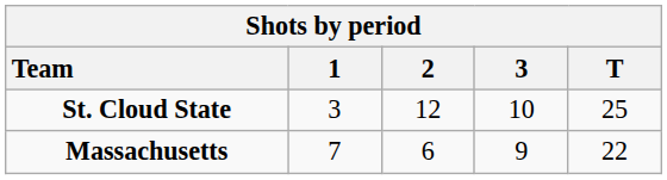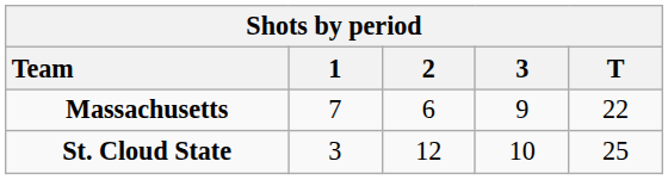 <table class="wikitable" style="width:25em; text-align:right;">
 <tr>
 <th colspan=5>Shots by period</th>
 </tr>
 <tr>
 <th style="width:10em; text-align:left;">Team</th>
 <th style="width:3em;">1</th>
 <th style="width:3em;">2</th>
 <th style="width:3em;">3</th>
 <th style="width:3em;">T</th>
 </tr>
 <tr>
+<td align=center><strong>Massachusetts</strong></td>
+<td align=center>7</td>
+<td align=center>6</td>
+<td align=center>9</td>
+<td align=center>22</td>
+</tr>
+<tr>
 <td align=center><strong>St. Cloud State</strong></td>
 <td align=center>3</td>
 <td align=center>12</td>
 <td align=center>10</td>
 <td align=center>25</td>
 </tr>
-<tr>
-<td align=center><strong>Massachusetts</strong></td>
-<td align=center>7</td>
-<td align=center>6</td>
-<td align=center>9</td>
-<td align=center>22</td>
-</tr>
 </table>
